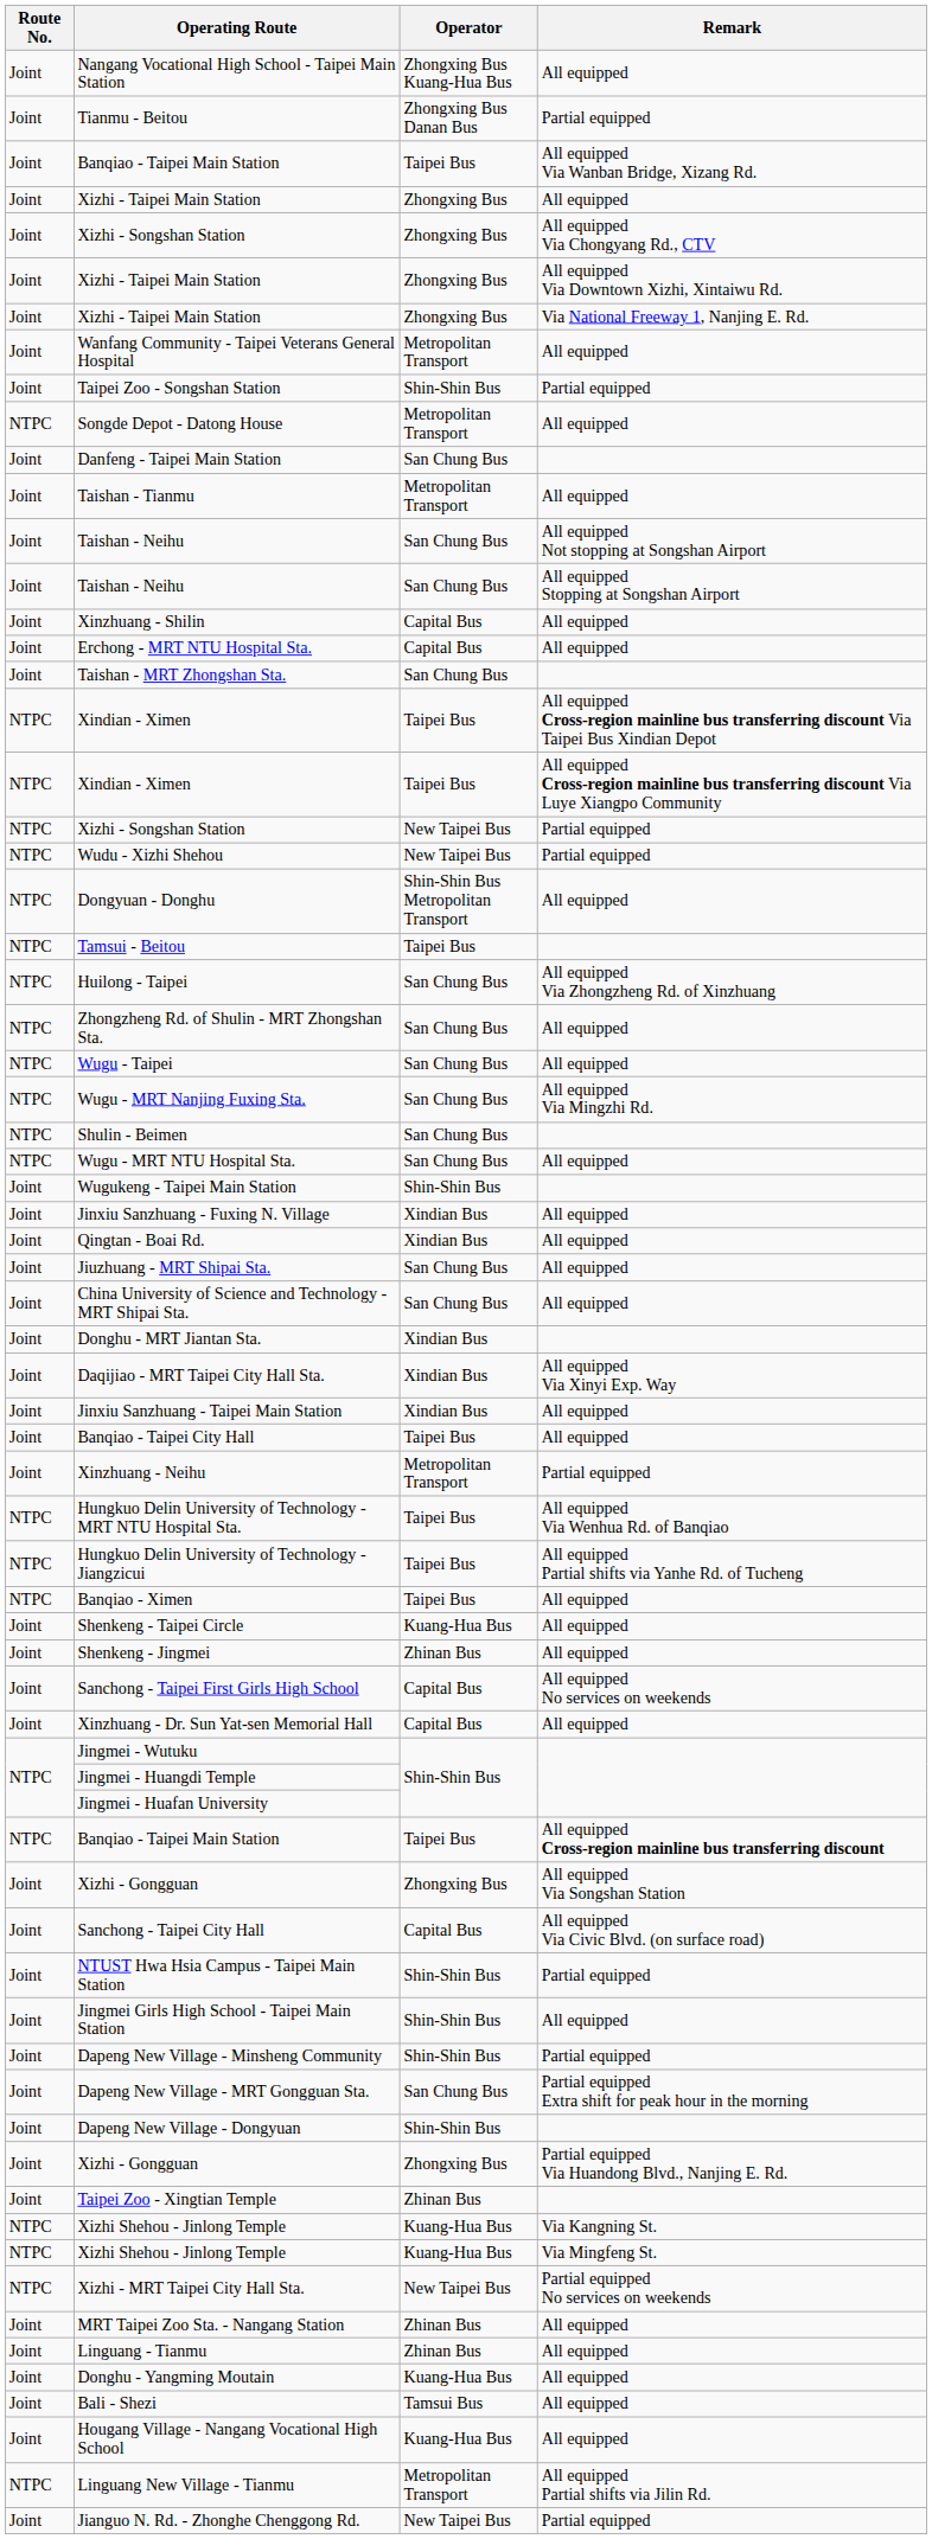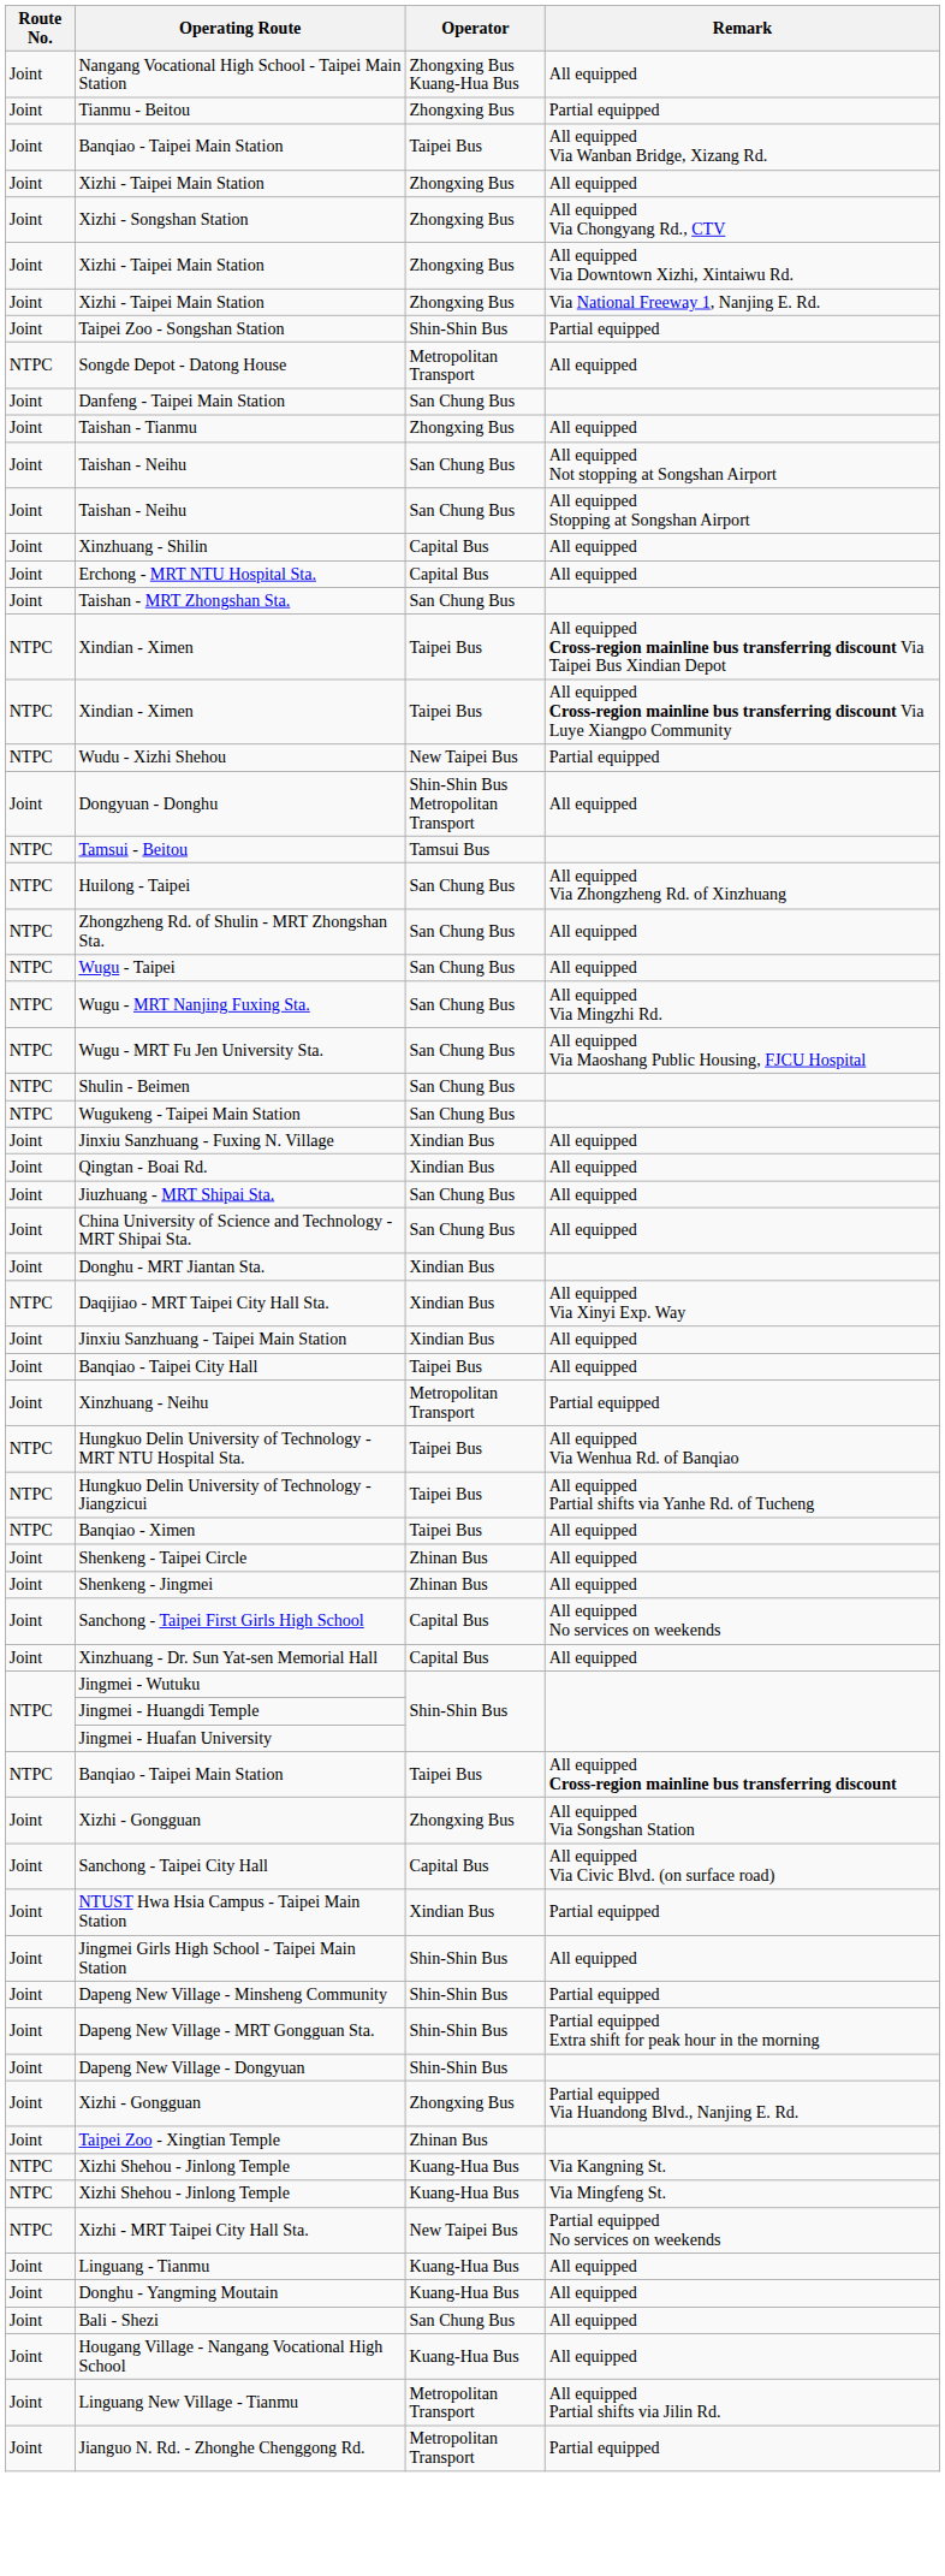 <table class="wikitable"  style="width:100%; margin:auto;">
 <tr>
 <th>Route No.</th>
 <th>Operating Route</th>
 <th>Operator</th>
 <th>Remark</th>
 </tr>
 <tr>
 <td>Joint <strong></strong></td>
 <td>Nangang Vocational High School - Taipei Main Station</td>
 <td>Zhongxing Bus<br>Kuang-Hua Bus</td>
 <td> All equipped</td>
 </tr>
 <tr>
 <td>Joint <strong></strong></td>
 <td>Tianmu - Beitou</td>
-<td>Zhongxing Bus<br>Danan Bus</td>
+<td>Zhongxing Bus</td>
 <td> Partial equipped</td>
 </tr>
 <tr>
 <td>Joint <strong></strong></td>
 <td>Banqiao - Taipei Main Station</td>
 <td>Taipei Bus</td>
 <td> All equipped<br>Via Wanban Bridge, Xizang Rd.</td>
 </tr>
 <tr>
 <td>Joint <strong></strong></td>
 <td>Xizhi - Taipei Main Station</td>
 <td>Zhongxing Bus</td>
 <td> All equipped</td>
 </tr>
 <tr>
 <td>Joint <strong></strong></td>
 <td>Xizhi - Songshan Station</td>
 <td>Zhongxing Bus</td>
 <td> All equipped<br>Via Chongyang Rd., <a href='#'>CTV</a></td>
 </tr>
 <tr>
 <td>Joint <strong></strong></td>
 <td>Xizhi - Taipei Main Station</td>
 <td>Zhongxing Bus</td>
 <td> All equipped<br>Via Downtown Xizhi, Xintaiwu Rd.</td>
 </tr>
 <tr>
 <td>Joint <strong></strong></td>
 <td>Xizhi - Taipei Main Station</td>
 <td>Zhongxing Bus</td>
 <td>Via <a href='#'>National Freeway 1</a>, Nanjing E. Rd.</td>
 </tr>
 <tr>
 <td>Joint <strong></strong></td>
-<td>Wanfang Community - Taipei Veterans General Hospital</td>
-<td>Metropolitan Transport</td>
-<td> All equipped</td>
-</tr>
-<tr>
-<td>Joint <strong></strong></td>
 <td>Taipei Zoo - Songshan Station</td>
 <td>Shin-Shin Bus</td>
 <td> Partial equipped</td>
 </tr>
 <tr>
 <td>NTPC <strong></strong></td>
 <td>Songde Depot - Datong House</td>
 <td>Metropolitan Transport</td>
 <td> All equipped</td>
 </tr>
 <tr>
 <td>Joint <strong></strong></td>
 <td>Danfeng - Taipei Main Station</td>
 <td>San Chung Bus</td>
 <td></td>
 </tr>
 <tr>
 <td>Joint <strong></strong></td>
 <td>Taishan - Tianmu</td>
-<td>Metropolitan Transport</td>
+<td>Zhongxing Bus</td>
 <td> All equipped</td>
 </tr>
 <tr>
 <td>Joint <strong></strong></td>
 <td>Taishan - Neihu</td>
 <td>San Chung Bus</td>
 <td> All equipped<br>Not stopping at Songshan Airport</td>
 </tr>
 <tr>
 <td>Joint <strong></strong></td>
 <td>Taishan - Neihu</td>
 <td>San Chung Bus</td>
 <td> All equipped<br>Stopping at Songshan Airport</td>
 </tr>
 <tr>
 <td>Joint <strong></strong></td>
 <td>Xinzhuang - Shilin</td>
 <td>Capital Bus</td>
 <td> All equipped</td>
 </tr>
 <tr>
 <td>Joint <strong></strong></td>
 <td>Erchong - <a href='#'>MRT NTU Hospital Sta.</a></td>
 <td>Capital Bus</td>
 <td> All equipped</td>
 </tr>
 <tr>
 <td>Joint <strong></strong></td>
 <td>Taishan - <a href='#'>MRT Zhongshan Sta.</a></td>
 <td>San Chung Bus</td>
 <td></td>
 </tr>
 <tr>
 <td>NTPC <strong></strong></td>
 <td>Xindian - Ximen</td>
 <td>Taipei Bus</td>
 <td> All equipped<br><strong>Cross-region mainline bus transferring discount</strong> Via Taipei Bus Xindian Depot</td>
 </tr>
 <tr>
 <td>NTPC <strong></strong></td>
 <td>Xindian - Ximen</td>
 <td>Taipei Bus</td>
 <td> All equipped<br><strong>Cross-region mainline bus transferring discount</strong> Via Luye Xiangpo Community</td>
 </tr>
 <tr>
 <td>NTPC <strong></strong></td>
-<td>Xizhi - Songshan Station</td>
-<td>New Taipei Bus</td>
-<td> Partial equipped</td>
-</tr>
-<tr>
-<td>NTPC <strong></strong></td>
 <td>Wudu - Xizhi Shehou</td>
 <td>New Taipei Bus</td>
 <td> Partial equipped</td>
 </tr>
 <tr>
-<td>NTPC <strong></strong></td>
+<td>Joint <strong></strong></td>
 <td>Dongyuan - Donghu</td>
 <td>Shin-Shin Bus<br>Metropolitan Transport</td>
 <td> All equipped</td>
 </tr>
 <tr>
 <td>NTPC <strong></strong></td>
 <td><a href='#'>Tamsui</a> - <a href='#'>Beitou</a></td>
-<td>Taipei Bus</td>
+<td>Tamsui Bus</td>
 <td></td>
 </tr>
 <tr>
 <td>NTPC <strong></strong></td>
 <td>Huilong - Taipei</td>
 <td>San Chung Bus</td>
 <td> All equipped<br>Via Zhongzheng Rd. of Xinzhuang</td>
 </tr>
 <tr>
 <td>NTPC <strong></strong></td>
 <td>Zhongzheng Rd. of Shulin - MRT Zhongshan Sta.</td>
 <td>San Chung Bus</td>
 <td> All equipped</td>
 </tr>
 <tr>
 <td>NTPC <strong></strong></td>
 <td><a href='#'>Wugu</a> - Taipei</td>
 <td>San Chung Bus</td>
 <td> All equipped</td>
 </tr>
 <tr>
 <td>NTPC <strong></strong></td>
 <td>Wugu - <a href='#'>MRT Nanjing Fuxing Sta.</a></td>
 <td>San Chung Bus</td>
 <td> All equipped<br>Via Mingzhi Rd.</td>
 </tr>
 <tr>
 <td>NTPC <strong></strong></td>
+<td>Wugu - MRT Fu Jen University Sta.</td>
+<td>San Chung Bus</td>
+<td> All equipped<br>Via Maoshang Public Housing, <a href='#'>FJCU Hospital</a></td>
+</tr>
+<tr>
+<td>NTPC <strong></strong></td>
 <td>Shulin - Beimen</td>
 <td>San Chung Bus</td>
 <td></td>
 </tr>
 <tr>
 <td>NTPC <strong></strong></td>
-<td>Wugu - MRT NTU Hospital Sta.</td>
+<td>Wugukeng - Taipei Main Station</td>
 <td>San Chung Bus</td>
-<td> All equipped</td>
-</tr>
-<tr>
-<td>Joint <strong></strong></td>
-<td>Wugukeng - Taipei Main Station</td>
-<td>Shin-Shin Bus</td>
 <td></td>
 </tr>
 <tr>
 <td>Joint <strong></strong></td>
 <td>Jinxiu Sanzhuang - Fuxing N. Village</td>
 <td>Xindian Bus</td>
 <td> All equipped</td>
 </tr>
 <tr>
 <td>Joint <strong></strong></td>
 <td>Qingtan - Boai Rd.</td>
 <td>Xindian Bus</td>
 <td> All equipped</td>
 </tr>
 <tr>
 <td>Joint <strong></strong></td>
 <td>Jiuzhuang - <a href='#'>MRT Shipai Sta.</a></td>
 <td>San Chung Bus</td>
 <td> All equipped</td>
 </tr>
 <tr>
 <td>Joint <strong></strong></td>
 <td>China University of Science and Technology - MRT Shipai Sta.</td>
 <td>San Chung Bus</td>
 <td> All equipped</td>
 </tr>
 <tr>
 <td>Joint <strong></strong></td>
 <td>Donghu - MRT Jiantan Sta.</td>
 <td>Xindian Bus</td>
 <td></td>
 </tr>
 <tr>
-<td>Joint <strong></strong></td>
+<td>NTPC <strong></strong></td>
 <td>Daqijiao - MRT Taipei City Hall Sta.</td>
 <td>Xindian Bus</td>
 <td> All equipped<br>Via Xinyi Exp. Way</td>
 </tr>
 <tr>
 <td>Joint <strong></strong></td>
 <td>Jinxiu Sanzhuang - Taipei Main Station</td>
 <td>Xindian Bus</td>
 <td> All equipped</td>
 </tr>
 <tr>
 <td>Joint <strong></strong></td>
 <td>Banqiao - Taipei City Hall</td>
 <td>Taipei Bus</td>
 <td> All equipped</td>
 </tr>
 <tr>
 <td>Joint <strong></strong></td>
 <td>Xinzhuang - Neihu</td>
 <td>Metropolitan Transport</td>
 <td> Partial equipped</td>
 </tr>
 <tr>
 <td>NTPC <strong></strong></td>
 <td>Hungkuo Delin University of Technology - MRT NTU Hospital Sta.</td>
 <td>Taipei Bus</td>
 <td> All equipped<br>Via Wenhua Rd. of Banqiao</td>
 </tr>
 <tr>
 <td>NTPC <strong></strong></td>
 <td>Hungkuo Delin University of Technology - Jiangzicui</td>
 <td>Taipei Bus</td>
 <td> All equipped<br>Partial shifts via Yanhe Rd. of Tucheng</td>
 </tr>
 <tr>
 <td>NTPC <strong></strong></td>
 <td>Banqiao - Ximen</td>
 <td>Taipei Bus</td>
 <td> All equipped</td>
 </tr>
 <tr>
 <td>Joint <strong></strong></td>
 <td>Shenkeng - Taipei Circle</td>
-<td>Kuang-Hua Bus</td>
+<td>Zhinan Bus</td>
 <td> All equipped</td>
 </tr>
 <tr>
 <td>Joint <strong></strong></td>
 <td>Shenkeng - Jingmei</td>
 <td>Zhinan Bus</td>
 <td> All equipped</td>
 </tr>
 <tr>
 <td>Joint <strong></strong></td>
 <td>Sanchong - <a href='#'>Taipei First Girls High School</a></td>
 <td>Capital Bus</td>
 <td> All equipped<br>No services on weekends</td>
 </tr>
 <tr>
 <td>Joint <strong></strong></td>
 <td>Xinzhuang - Dr. Sun Yat-sen Memorial Hall</td>
 <td>Capital Bus</td>
 <td> All equipped</td>
 </tr>
 <tr>
 <td rowspan="3">NTPC <strong></strong></td>
 <td>Jingmei - Wutuku</td>
 <td rowspan="3">Shin-Shin Bus</td>
 <td rowspan="3"></td>
 </tr>
 <tr>
 <td>Jingmei - Huangdi Temple</td>
 </tr>
 <tr>
 <td>Jingmei - Huafan University</td>
 </tr>
 <tr>
 <td>NTPC <strong></strong></td>
 <td>Banqiao - Taipei Main Station</td>
 <td>Taipei Bus</td>
 <td> All equipped<br><strong>Cross-region mainline bus transferring discount</strong></td>
 </tr>
 <tr>
 <td>Joint <strong></strong></td>
 <td>Xizhi - Gongguan</td>
 <td>Zhongxing Bus</td>
 <td> All equipped<br>Via Songshan Station</td>
 </tr>
 <tr>
 <td>Joint <strong></strong></td>
 <td>Sanchong - Taipei City Hall</td>
 <td>Capital Bus</td>
 <td> All equipped<br>Via Civic Blvd. (on surface road)</td>
 </tr>
 <tr>
 <td>Joint <strong></strong></td>
 <td><a href='#'>NTUST</a> Hwa Hsia Campus - Taipei Main Station</td>
-<td>Shin-Shin Bus</td>
+<td>Xindian Bus</td>
 <td> Partial equipped</td>
 </tr>
 <tr>
 <td>Joint <strong></strong></td>
 <td>Jingmei Girls High School - Taipei Main Station</td>
 <td>Shin-Shin Bus</td>
 <td> All equipped</td>
 </tr>
 <tr>
 <td>Joint <strong></strong></td>
 <td>Dapeng New Village - Minsheng Community</td>
 <td>Shin-Shin Bus</td>
 <td> Partial equipped</td>
 </tr>
 <tr>
 <td>Joint <strong></strong></td>
 <td>Dapeng New Village - MRT Gongguan Sta.</td>
-<td>San Chung Bus</td>
+<td>Shin-Shin Bus</td>
 <td> Partial equipped<br>Extra shift for peak hour in the morning</td>
 </tr>
 <tr>
 <td>Joint <strong></strong></td>
 <td>Dapeng New Village - Dongyuan</td>
 <td>Shin-Shin Bus</td>
 <td></td>
 </tr>
 <tr>
 <td>Joint <strong></strong></td>
 <td>Xizhi - Gongguan</td>
 <td>Zhongxing Bus</td>
 <td> Partial equipped<br>Via Huandong Blvd., Nanjing E. Rd.</td>
 </tr>
 <tr>
 <td>Joint <strong></strong></td>
 <td><a href='#'>Taipei Zoo</a> - Xingtian Temple</td>
 <td>Zhinan Bus</td>
 <td></td>
 </tr>
 <tr>
 <td>NTPC <strong></strong></td>
 <td>Xizhi Shehou - Jinlong Temple</td>
 <td>Kuang-Hua Bus</td>
 <td>Via Kangning St.</td>
 </tr>
 <tr>
 <td>NTPC <strong></strong></td>
 <td>Xizhi Shehou - Jinlong Temple</td>
 <td>Kuang-Hua Bus</td>
 <td>Via Mingfeng St.</td>
 </tr>
 <tr>
 <td>NTPC <strong></strong></td>
 <td>Xizhi - MRT Taipei City Hall Sta.</td>
 <td>New Taipei Bus</td>
 <td> Partial equipped<br>No services on weekends</td>
 </tr>
 <tr>
 <td>Joint <strong></strong></td>
-<td>MRT Taipei Zoo Sta. - Nangang Station</td>
-<td>Zhinan Bus</td>
-<td> All equipped</td>
-</tr>
-<tr>
-<td>Joint <strong></strong></td>
 <td>Linguang - Tianmu</td>
-<td>Zhinan Bus</td>
+<td>Kuang-Hua Bus</td>
 <td> All equipped</td>
 </tr>
 <tr>
 <td>Joint <strong></strong></td>
 <td>Donghu - Yangming Moutain</td>
 <td>Kuang-Hua Bus</td>
 <td> All equipped</td>
 </tr>
 <tr>
 <td>Joint <strong></strong></td>
 <td>Bali - Shezi</td>
-<td>Tamsui Bus</td>
+<td>San Chung Bus</td>
 <td> All equipped</td>
 </tr>
 <tr>
 <td>Joint <strong></strong></td>
 <td>Hougang Village - Nangang Vocational High School</td>
 <td>Kuang-Hua Bus</td>
 <td> All equipped</td>
 </tr>
 <tr>
-<td>NTPC <strong></strong></td>
+<td>Joint <strong></strong></td>
 <td>Linguang New Village - Tianmu</td>
 <td>Metropolitan Transport</td>
 <td> All equipped<br>Partial shifts via Jilin Rd.</td>
 </tr>
 <tr>
 <td>Joint <strong></strong></td>
 <td>Jianguo N. Rd. - Zhonghe Chenggong Rd.</td>
-<td>New Taipei Bus</td>
+<td>Metropolitan Transport</td>
 <td> Partial equipped</td>
 </tr>
 </table>
